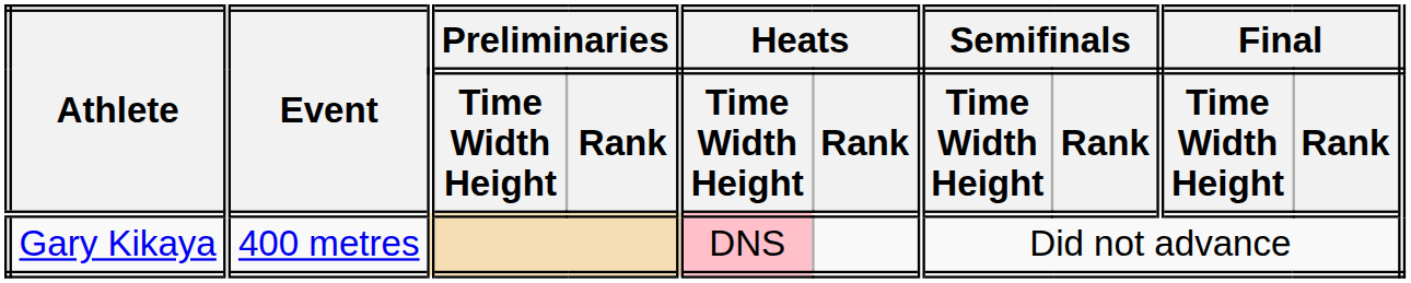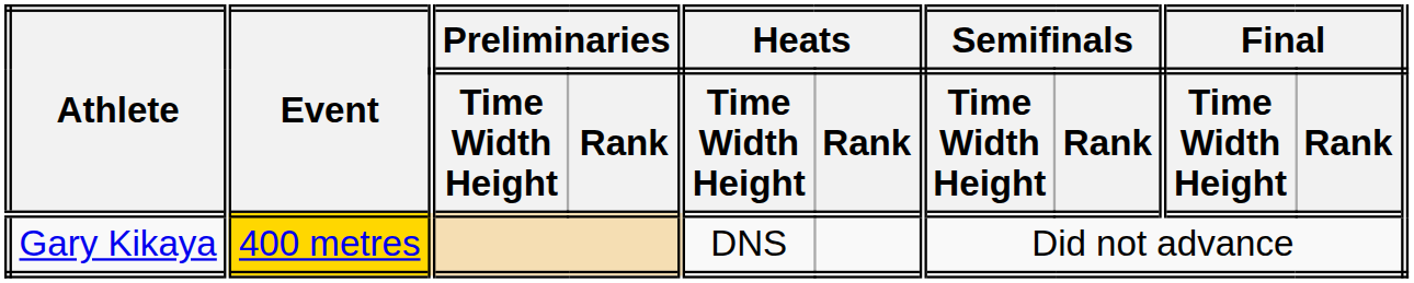 <table class=wikitable style="font-size:90%; border: double;">
 <tr>
 <th rowspan="2" style="border-right:double">Athlete</th>
 <th rowspan="2" style="border-right:double">Event</th>
 <th colspan="2" style="border-right:double; border-bottom:double;">Preliminaries</th>
 <th colspan="2" style="border-right:double; border-bottom:double;">Heats</th>
 <th colspan="2" style="border-right:double; border-bottom:double;">Semifinals</th>
 <th colspan="2" style="border-right:double; border-bottom:double;">Final</th>
 </tr>
 <tr>
 <th>Time<br>Width<br>Height</th>
 <th style="border-right:double">Rank</th>
 <th>Time<br>Width<br>Height</th>
 <th style="border-right:double">Rank</th>
 <th>Time<br>Width<br>Height</th>
 <th style="border-right:double">Rank</th>
 <th>Time<br>Width<br>Height</th>
 <th style="border-right:double">Rank</th>
 </tr>
 <tr style="border-top: double;">
 <td style="border-right:double"><a href='#'>Gary Kikaya</a></td>
-<td style="border-right:double"><a href='#'>400 metres</a></td>
+<td style="background: gold; border-right:double"><a href='#'>400 metres</a></td>
 <td style="border-right:double" colspan= 2 bgcolor="wheat"></td>
-<td align=center style="background: pink;">DNS</td>
+<td align=center>DNS</td>
 <td align=center style="border-right:double"></td>
 <td colspan="4" align=center>Did not advance</td>
 </tr>
 </table>
